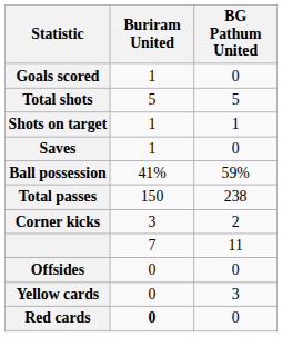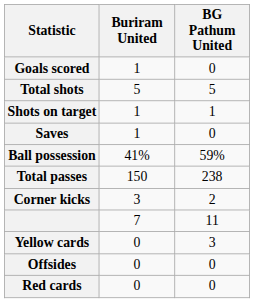 <table class="wikitable plainrowheaders" style="text-align:center">
 <tr>
 <th scope="col">Statistic</th>
 <th scope="col" style="width:80px">Buriram United</th>
 <th scope="col" style="width:80px">BG Pathum United</th>
 </tr>
 <tr>
 <th scope=row>Goals scored</th>
 <td>1</td>
 <td>0</td>
 </tr>
 <tr>
 <th scope=row>Total shots</th>
 <td>5</td>
 <td>5</td>
 </tr>
 <tr>
 <th scope=row>Shots on target</th>
 <td>1</td>
 <td>1</td>
 </tr>
 <tr>
 <th scope=row>Saves</th>
 <td>1</td>
 <td>0</td>
 </tr>
 <tr>
 <th scope=row>Ball possession</th>
 <td>41%</td>
 <td>59%</td>
 </tr>
 <tr>
 <th scope=row>Total passes</th>
 <td>150</td>
 <td>238</td>
 </tr>
 <tr>
 <th scope=row>Corner kicks</th>
 <td>3</td>
 <td>2</td>
 </tr>
 <tr>
 <th scope=row></th>
 <td>7</td>
 <td>11</td>
 </tr>
 <tr>
+<th scope=row>Yellow cards</th>
+<td>0</td>
+<td>3</td>
+</tr>
+<tr>
 <th scope=row>Offsides</th>
 <td>0</td>
 <td>0</td>
 </tr>
 <tr>
-<th scope=row>Yellow cards</th>
+<th scope=row>Red cards</th>
 <td>0</td>
-<td>3</td>
-</tr>
-<tr>
-<th scope=row>Red cards</th>
-<td><strong>0</strong></td>
 <td>0</td>
 </tr>
 </table>
